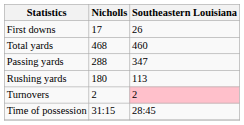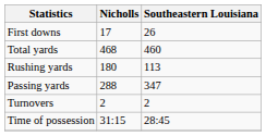 <table class="wikitable">
 <tr>
 <th>Statistics</th>
 <th>Nicholls</th>
 <th>Southeastern Louisiana</th>
 </tr>
 <tr>
 <td>First downs</td>
 <td>17</td>
 <td>26</td>
 </tr>
 <tr>
 <td>Total yards</td>
 <td>468</td>
 <td>460</td>
 </tr>
 <tr>
+<td>Rushing yards</td>
+<td>180</td>
+<td>113</td>
+</tr>
+<tr>
 <td>Passing yards</td>
 <td>288</td>
 <td>347</td>
 </tr>
 <tr>
-<td>Rushing yards</td>
-<td>180</td>
-<td>113</td>
-</tr>
-<tr>
 <td>Turnovers</td>
 <td>2</td>
-<td style="background: pink;">2</td>
+<td>2</td>
 </tr>
 <tr>
 <td>Time of possession</td>
 <td>31:15</td>
 <td>28:45</td>
 </tr>
 <tr>
 </tr>
 </table>
